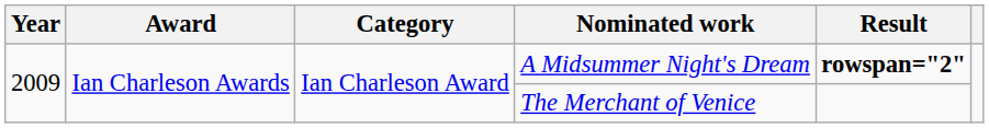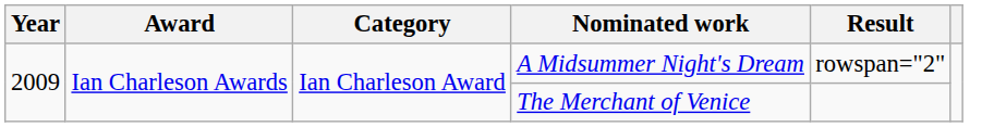 <table class="wikitable sortable">
 <tr style="text-align:center;">
 <th scope="col">Year</th>
 <th scope="col">Award</th>
 <th scope="col">Category</th>
 <th scope="col">Nominated work</th>
 <th scope="col">Result</th>
 <th scope="col" class="unsortable"></th>
 </tr>
 <tr>
 <td rowspan="2">2009</td>
 <td rowspan="2"><a href='#'>Ian Charleson Awards</a></td>
 <td rowspan="2"><a href='#'>Ian Charleson Award</a></td>
 <td><em><a href='#'>A Midsummer Night's Dream</a></em></td>
-<td><strong>rowspan="2" </strong></td>
+<td>rowspan="2" </td>
 <td style="text-align:center;" rowspan="2"></td>
 </tr>
 <tr>
 <td><em><a href='#'>The Merchant of Venice</a></em></td>
 </tr>
 </table>
